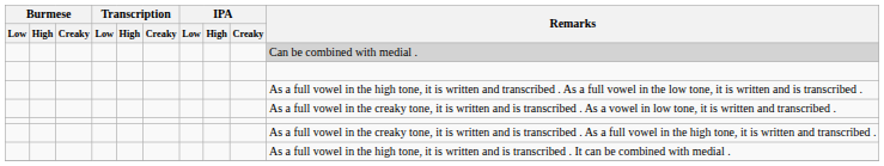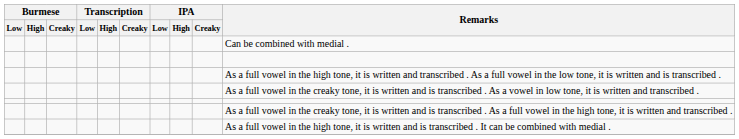 <table class="wikitable">
 <tr>
 <th colspan="3">Burmese</th>
 <th colspan="3">Transcription</th>
 <th colspan="3">IPA</th>
 <th rowspan="2">Remarks</th>
 </tr>
 <tr>
 <th><small>Low</small></th>
 <th><small>High</small></th>
 <th><small>Creaky</small></th>
 <th><small>Low</small></th>
 <th><small>High</small></th>
 <th><small>Creaky</small></th>
 <th><small>Low</small></th>
 <th><small>High</small></th>
 <th><small>Creaky</small></th>
 </tr>
 <tr>
 <td></td>
 <td></td>
 <td></td>
 <td></td>
 <td></td>
 <td></td>
 <td></td>
 <td></td>
 <td></td>
-<td style="background: lightgrey;">Can be combined with medial .</td>
+<td>Can be combined with medial .</td>
 </tr>
 <tr>
 <td>‌</td>
 <td></td>
 <td></td>
 <td></td>
 <td></td>
 <td></td>
 <td></td>
 <td></td>
 <td></td>
 <td></td>
 </tr>
 <tr>
 <td>‌</td>
 <td></td>
 <td></td>
 <td></td>
 <td></td>
 <td></td>
 <td></td>
 <td></td>
 <td></td>
 <td>As a full vowel in the high tone, it is written  and transcribed . As a full vowel in the low tone, it is written  and is transcribed .</td>
 </tr>
 <tr>
 <td></td>
 <td></td>
 <td></td>
 <td></td>
 <td></td>
 <td></td>
 <td></td>
 <td></td>
 <td></td>
 <td>As a full vowel in the creaky tone, it is written  and is transcribed . As a vowel in low tone, it is written  and transcribed .</td>
 </tr>
 <tr>
 <td></td>
 <td></td>
 <td></td>
 <td></td>
 <td></td>
 <td></td>
 <td></td>
 <td></td>
 <td></td>
 <td></td>
 </tr>
 <tr>
 <td></td>
 <td></td>
 <td></td>
 <td></td>
 <td></td>
 <td></td>
 <td></td>
 <td></td>
 <td></td>
 <td>As a full vowel in the creaky tone, it is written  and is transcribed . As a full vowel in the high tone, it is written  and transcribed .</td>
 </tr>
 <tr>
 <td></td>
 <td></td>
 <td></td>
 <td></td>
 <td></td>
 <td></td>
 <td></td>
 <td></td>
 <td></td>
 <td>As a full vowel in the high tone, it is written  and is transcribed . It can be combined with medial .</td>
 </tr>
 <tr>
 </tr>
 </table>
